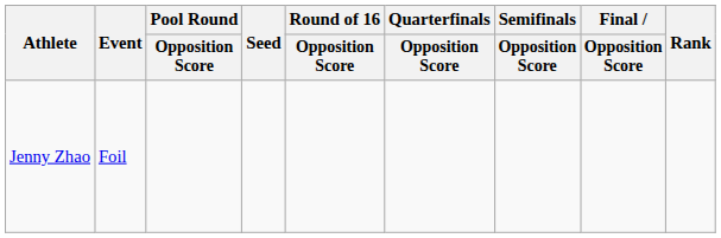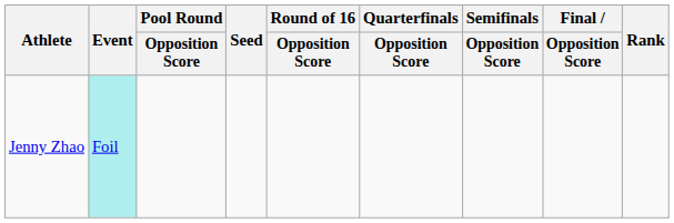 <table class=wikitable style="font-size:90%">
 <tr>
 <th rowspan="2">Athlete</th>
 <th rowspan="2">Event</th>
 <th>Pool Round</th>
 <th rowspan="2">Seed</th>
 <th>Round of 16</th>
 <th>Quarterfinals</th>
 <th>Semifinals</th>
 <th>Final / </th>
 <th rowspan=2>Rank</th>
 </tr>
 <tr style="font-size:95%">
 <th>Opposition<br>Score</th>
 <th>Opposition<br>Score</th>
 <th>Opposition<br>Score</th>
 <th>Opposition<br>Score</th>
 <th>Opposition<br>Score</th>
 </tr>
 <tr align=center>
 <td align=left><a href='#'>Jenny Zhao</a></td>
-<td align=left><a href='#'>Foil</a></td>
+<td align=left style="background: paleturquoise;"><a href='#'>Foil</a></td>
 <td align=left><br><br><br><br><br><br><br></td>
 <td></td>
 <td></td>
 <td></td>
 <td></td>
 <td></td>
 <td></td>
 </tr>
 </table>
